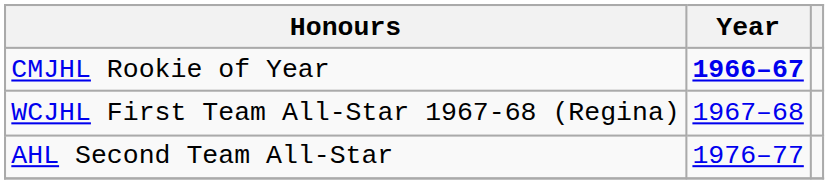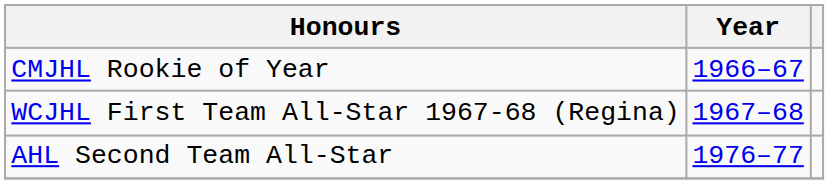 <table class="wikitable">
 <tr>
 <th>Honours</th>
 <th>Year</th>
 <th></th>
 </tr>
 <tr>
 <td><a href='#'>CMJHL</a> Rookie of Year</td>
-<td><strong><a href='#'>1966–67</a></strong></td>
+<td><a href='#'>1966–67</a></td>
 <td></td>
 </tr>
 <tr>
 <td><a href='#'>WCJHL</a> First Team All-Star 1967-68 (Regina)</td>
 <td><a href='#'>1967–68</a></td>
 <td></td>
 </tr>
 <tr>
 <td><a href='#'>AHL</a> Second Team All-Star</td>
 <td><a href='#'>1976–77</a></td>
 <td></td>
 </tr>
 <tr>
 </tr>
 </table>
